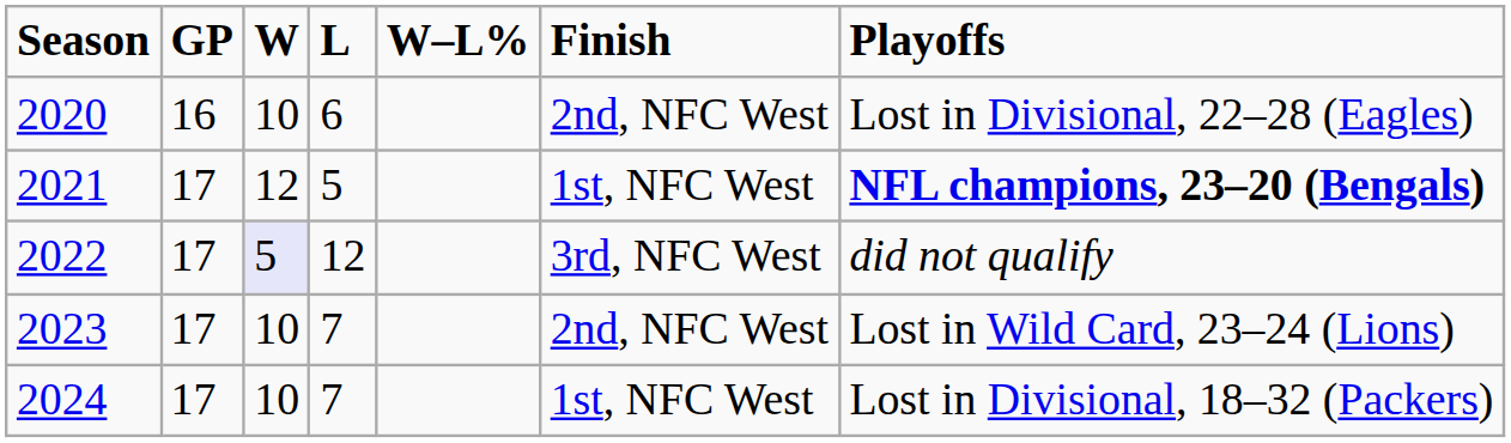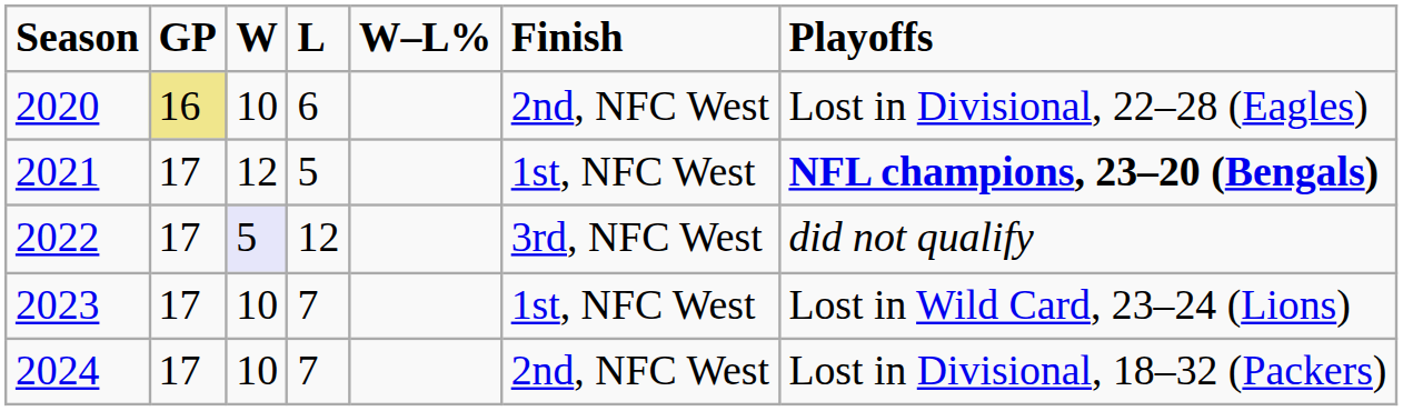 <table class="wikitable">
 <tr style="font-weight:bold; ">
 <td>Season</td>
 <td>GP</td>
 <td>W</td>
 <td>L</td>
 <td>W–L%</td>
 <td>Finish</td>
 <td>Playoffs</td>
 </tr>
 <tr>
 <td><a href='#'>2020</a></td>
-<td>16</td>
+<td style="background: khaki;">16</td>
 <td>10</td>
 <td>6</td>
 <td></td>
 <td><a href='#'>2nd</a>, NFC West</td>
 <td>Lost in <a href='#'>Divisional</a>, 22–28 (<a href='#'>Eagles</a>)</td>
 </tr>
 <tr>
 <td><a href='#'>2021</a></td>
 <td>17</td>
 <td>12</td>
 <td>5</td>
 <td></td>
 <td><a href='#'>1st</a>, NFC West</td>
 <td><strong><a href='#'>NFL champions</a>, 23–20 (<a href='#'>Bengals</a>)</strong></td>
 </tr>
 <tr>
 <td><a href='#'>2022</a></td>
 <td>17</td>
 <td style="background: lavender;">5</td>
 <td>12</td>
 <td></td>
 <td><a href='#'>3rd</a>, NFC West</td>
 <td><em>did not qualify</em></td>
 </tr>
 <tr>
 <td><a href='#'>2023</a></td>
 <td>17</td>
 <td>10</td>
 <td>7</td>
 <td></td>
-<td><a href='#'>2nd</a>, NFC West</td>
+<td><a href='#'>1st</a>, NFC West</td>
 <td>Lost in <a href='#'>Wild Card</a>, 23–24 (<a href='#'>Lions</a>)</td>
 </tr>
 <tr>
 <td><a href='#'>2024</a></td>
 <td>17</td>
 <td>10</td>
 <td>7</td>
 <td></td>
-<td><a href='#'>1st</a>, NFC West</td>
+<td><a href='#'>2nd</a>, NFC West</td>
 <td>Lost in <a href='#'>Divisional</a>, 18–32 (<a href='#'>Packers</a>)</td>
 </tr>
 </table>
